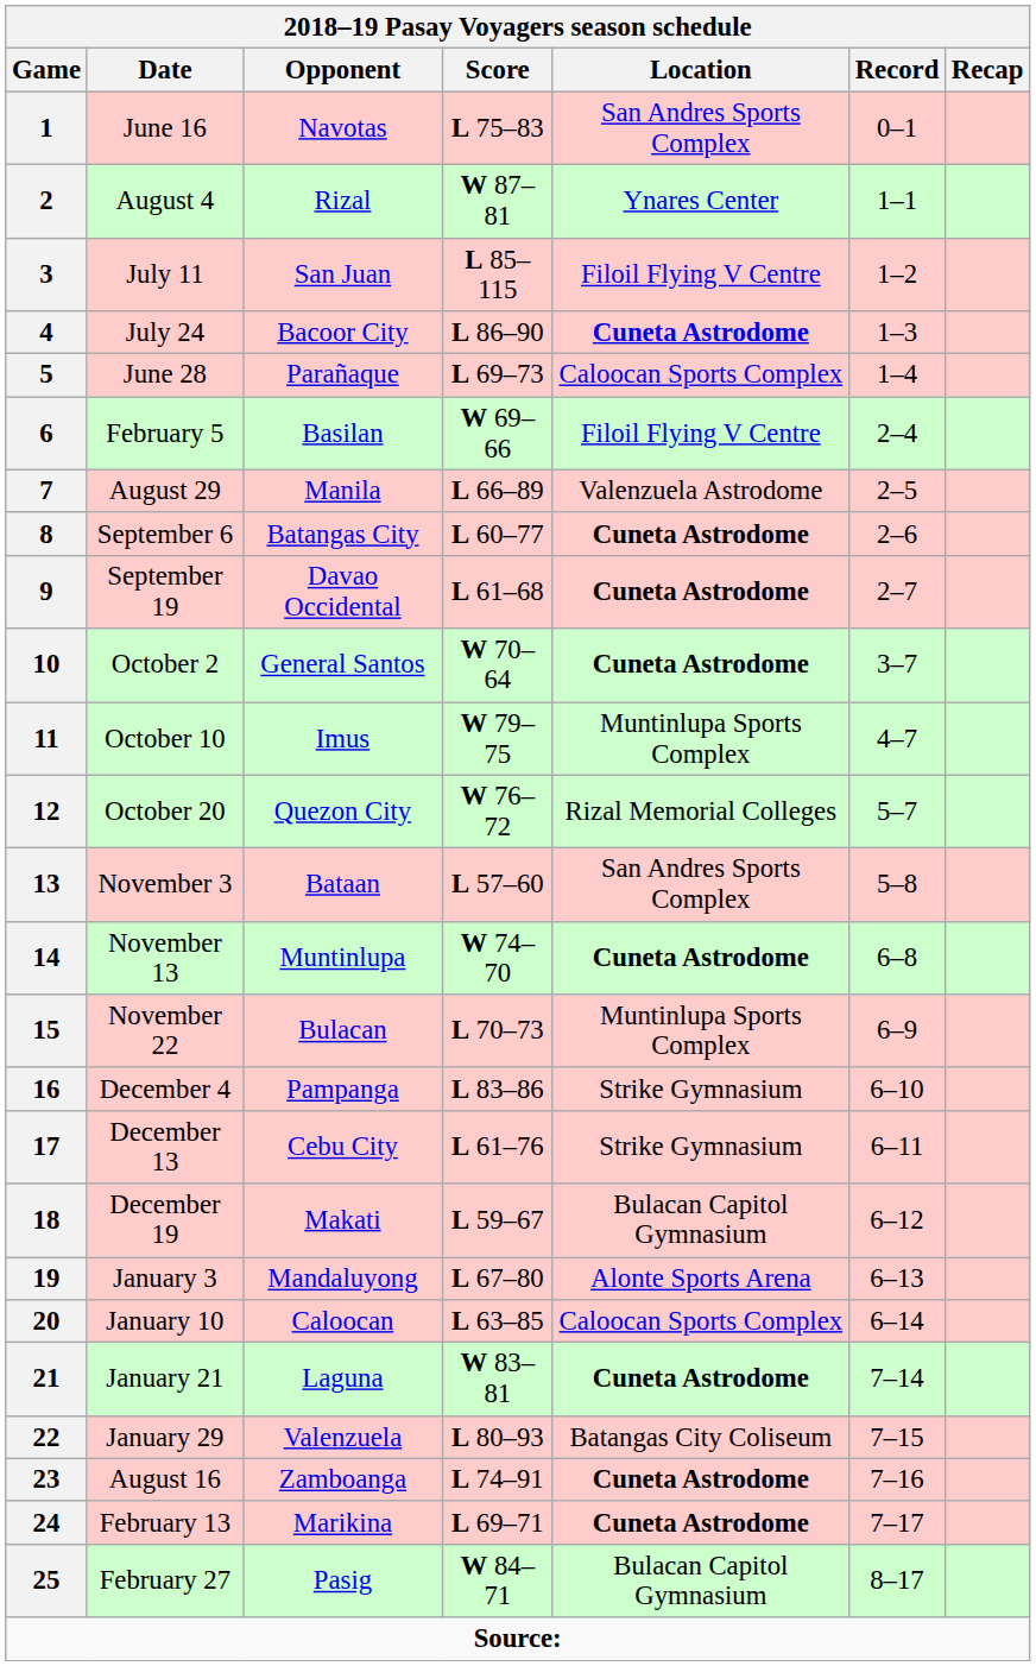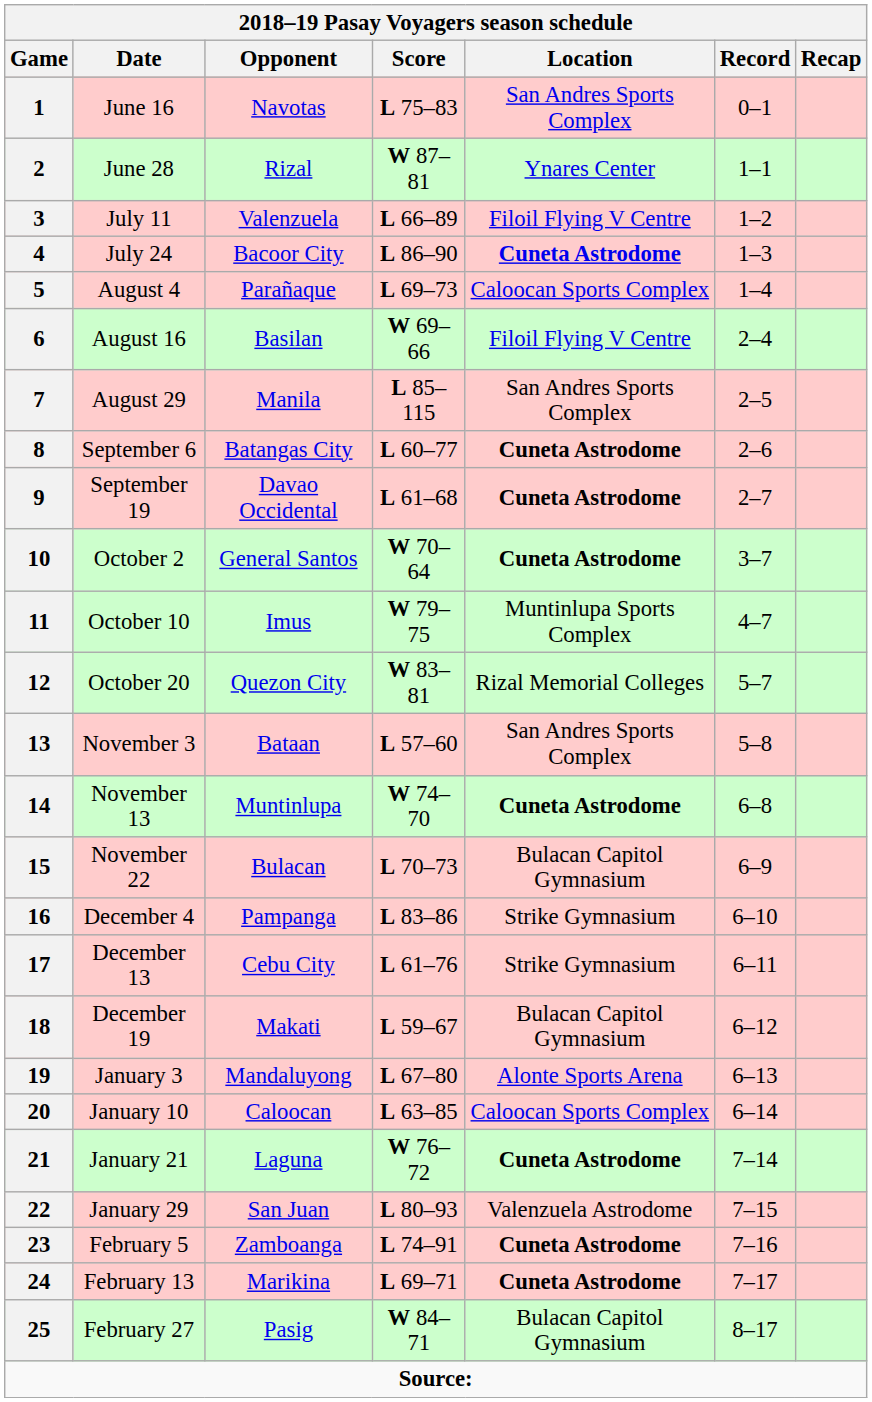 <table class="wikitable" style="text-align:center">
 <tr>
 <th colspan=7>2018–19 Pasay Voyagers season schedule</th>
 </tr>
 <tr>
 <th>Game</th>
 <th>Date</th>
 <th>Opponent</th>
 <th>Score</th>
 <th>Location</th>
 <th>Record</th>
 <th>Recap<br></th>
 </tr>
 <tr style="background:#fcc">
 <th>1</th>
 <td>June 16</td>
 <td><a href='#'>Navotas</a></td>
 <td><strong>L</strong> 75–83</td>
 <td><a href='#'>San Andres Sports Complex</a></td>
 <td>0–1</td>
 <td></td>
 </tr>
 <tr style="background:#cfc">
 <th>2</th>
-<td>August 4</td>
+<td>June 28</td>
 <td><a href='#'>Rizal</a></td>
 <td><strong>W</strong> 87–81</td>
 <td><a href='#'>Ynares Center</a></td>
 <td>1–1</td>
 <td></td>
 </tr>
 <tr style="background:#fcc">
 <th>3</th>
 <td>July 11</td>
-<td><a href='#'>San Juan</a></td>
-<td><strong>L</strong> 85–115</td>
+<td><a href='#'>Valenzuela</a></td>
+<td><strong>L</strong> 66–89</td>
 <td><a href='#'>Filoil Flying V Centre</a></td>
 <td>1–2</td>
 <td></td>
 </tr>
 <tr style="background:#fcc">
 <th>4</th>
 <td>July 24</td>
 <td><a href='#'>Bacoor City</a></td>
 <td><strong>L</strong> 86–90</td>
 <td><strong><a href='#'>Cuneta Astrodome</a></strong></td>
 <td>1–3</td>
 <td></td>
 </tr>
 <tr style="background:#fcc">
 <th>5</th>
-<td>June 28</td>
+<td>August 4</td>
 <td><a href='#'>Parañaque</a></td>
 <td><strong>L</strong> 69–73</td>
 <td><a href='#'>Caloocan Sports Complex</a></td>
 <td>1–4</td>
 <td></td>
 </tr>
 <tr style="background:#cfc">
 <th>6</th>
-<td>February 5</td>
+<td>August 16</td>
 <td><a href='#'>Basilan</a></td>
 <td><strong>W</strong> 69–66</td>
 <td><a href='#'>Filoil Flying V Centre</a></td>
 <td>2–4</td>
 <td></td>
 </tr>
 <tr style="background:#fcc">
 <th>7</th>
 <td>August 29</td>
 <td><a href='#'>Manila</a></td>
-<td><strong>L</strong> 66–89</td>
-<td>Valenzuela Astrodome</td>
+<td><strong>L</strong> 85–115</td>
+<td>San Andres Sports Complex</td>
 <td>2–5</td>
 <td></td>
 </tr>
 <tr style="background:#fcc">
 <th>8</th>
 <td>September 6</td>
 <td><a href='#'>Batangas City</a></td>
 <td><strong>L</strong> 60–77</td>
 <td><strong>Cuneta Astrodome</strong></td>
 <td>2–6</td>
 <td></td>
 </tr>
 <tr style="background:#fcc">
 <th>9</th>
 <td>September 19</td>
 <td><a href='#'>Davao Occidental</a></td>
 <td><strong>L</strong> 61–68</td>
 <td><strong>Cuneta Astrodome</strong></td>
 <td>2–7</td>
 <td><br></td>
 </tr>
 <tr style="background:#cfc">
 <th>10</th>
 <td>October 2</td>
 <td><a href='#'>General Santos</a></td>
 <td><strong>W</strong> 70–64</td>
 <td><strong>Cuneta Astrodome</strong></td>
 <td>3–7</td>
 <td></td>
 </tr>
 <tr style="background:#cfc">
 <th>11</th>
 <td>October 10</td>
 <td><a href='#'>Imus</a></td>
 <td><strong>W</strong> 79–75</td>
 <td>Muntinlupa Sports Complex</td>
 <td>4–7</td>
 <td></td>
 </tr>
 <tr style="background:#cfc">
 <th>12</th>
 <td>October 20</td>
 <td><a href='#'>Quezon City</a></td>
-<td><strong>W</strong> 76–72</td>
+<td><strong>W</strong> 83–81</td>
 <td>Rizal Memorial Colleges</td>
 <td>5–7</td>
 <td></td>
 </tr>
 <tr style="background:#fcc">
 <th>13</th>
 <td>November 3</td>
 <td><a href='#'>Bataan</a></td>
 <td><strong>L</strong> 57–60</td>
 <td>San Andres Sports Complex</td>
 <td>5–8</td>
 <td></td>
 </tr>
 <tr style="background:#cfc">
 <th>14</th>
 <td>November 13</td>
 <td><a href='#'>Muntinlupa</a></td>
 <td><strong>W</strong> 74–70</td>
 <td><strong>Cuneta Astrodome</strong></td>
 <td>6–8</td>
 <td></td>
 </tr>
 <tr style="background:#fcc">
 <th>15</th>
 <td>November 22</td>
 <td><a href='#'>Bulacan</a></td>
 <td><strong>L</strong> 70–73</td>
-<td>Muntinlupa Sports Complex</td>
+<td>Bulacan Capitol Gymnasium</td>
 <td>6–9</td>
 <td></td>
 </tr>
 <tr style="background:#fcc">
 <th>16</th>
 <td>December 4</td>
 <td><a href='#'>Pampanga</a></td>
 <td><strong>L</strong> 83–86</td>
 <td>Strike Gymnasium</td>
 <td>6–10</td>
 <td></td>
 </tr>
 <tr style="background:#fcc">
 <th>17</th>
 <td>December 13</td>
 <td><a href='#'>Cebu City</a></td>
 <td><strong>L</strong> 61–76</td>
 <td>Strike Gymnasium</td>
 <td>6–11</td>
 <td></td>
 </tr>
 <tr style="background:#fcc">
 <th>18</th>
 <td>December 19</td>
 <td><a href='#'>Makati</a></td>
 <td><strong>L</strong> 59–67</td>
 <td>Bulacan Capitol Gymnasium</td>
 <td>6–12</td>
 <td><br></td>
 </tr>
 <tr style="background:#fcc">
 <th>19</th>
 <td>January 3</td>
 <td><a href='#'>Mandaluyong</a></td>
 <td><strong>L</strong> 67–80</td>
 <td><a href='#'>Alonte Sports Arena</a></td>
 <td>6–13</td>
 <td></td>
 </tr>
 <tr style="background:#fcc">
 <th>20</th>
 <td>January 10</td>
 <td><a href='#'>Caloocan</a></td>
 <td><strong>L</strong> 63–85</td>
 <td><a href='#'>Caloocan Sports Complex</a></td>
 <td>6–14</td>
 <td></td>
 </tr>
 <tr style="background:#cfc">
 <th>21</th>
 <td>January 21</td>
 <td><a href='#'>Laguna</a></td>
-<td><strong>W</strong> 83–81</td>
+<td><strong>W</strong> 76–72</td>
 <td><strong>Cuneta Astrodome</strong></td>
 <td>7–14</td>
 <td></td>
 </tr>
 <tr style="background:#fcc">
 <th>22</th>
 <td>January 29</td>
-<td><a href='#'>Valenzuela</a></td>
+<td><a href='#'>San Juan</a></td>
 <td><strong>L</strong> 80–93</td>
-<td>Batangas City Coliseum</td>
+<td>Valenzuela Astrodome</td>
 <td>7–15</td>
 <td></td>
 </tr>
 <tr style="background:#fcc">
 <th>23</th>
-<td>August 16</td>
+<td>February 5</td>
 <td><a href='#'>Zamboanga</a></td>
 <td><strong>L</strong> 74–91</td>
 <td><strong>Cuneta Astrodome</strong></td>
 <td>7–16</td>
 <td></td>
 </tr>
 <tr style="background:#fcc">
 <th>24</th>
 <td>February 13</td>
 <td><a href='#'>Marikina</a></td>
 <td><strong>L</strong> 69–71</td>
 <td><strong>Cuneta Astrodome</strong></td>
 <td>7–17</td>
 <td></td>
 </tr>
 <tr style="background:#cfc">
 <th>25</th>
 <td>February 27</td>
 <td><a href='#'>Pasig</a></td>
 <td><strong>W</strong> 84–71</td>
 <td>Bulacan Capitol Gymnasium</td>
 <td>8–17</td>
 <td></td>
 </tr>
 <tr>
 <td colspan=7 align=center><strong>Source: </strong></td>
 </tr>
 </table>
